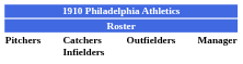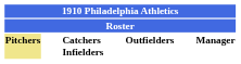 <table class="toccolours" style="font-size: 95%;">
 <tr>
 <th colspan="10" style="background-color: #4169e1; color: white; text-align: center;">1910 Philadelphia Athletics</th>
 </tr>
 <tr>
 <td colspan="10" style="background-color: #4169e1; color: white; text-align: center;"><strong>Roster</strong></td>
 </tr>
 <tr>
-<td valign="top"><strong>Pitchers</strong><br>       </td>
+<td valign="top" style="background: khaki;"><strong>Pitchers</strong><br>       </td>
 <td width="25px"></td>
 <td valign="top"><strong>Catchers</strong><br>     <strong>Infielders</strong>        </td>
 <td width="25px"></td>
 <td valign="top"><strong>Outfielders</strong><br>     </td>
 <td width="25px"></td>
 <td valign="top"><strong>Manager</strong><br></td>
 </tr>
 </table>
